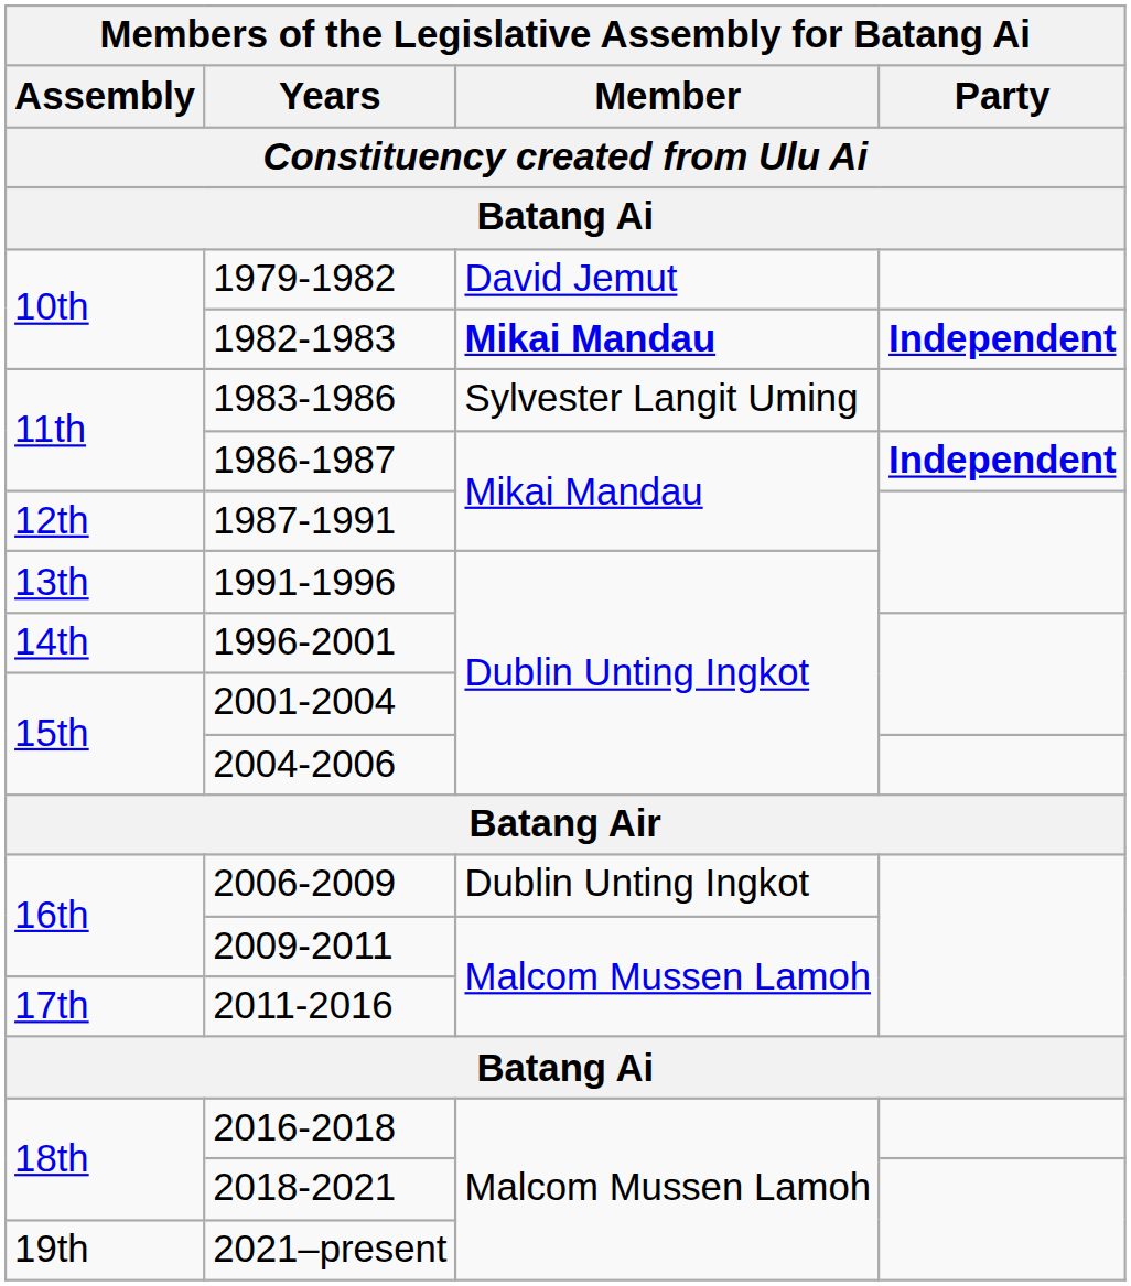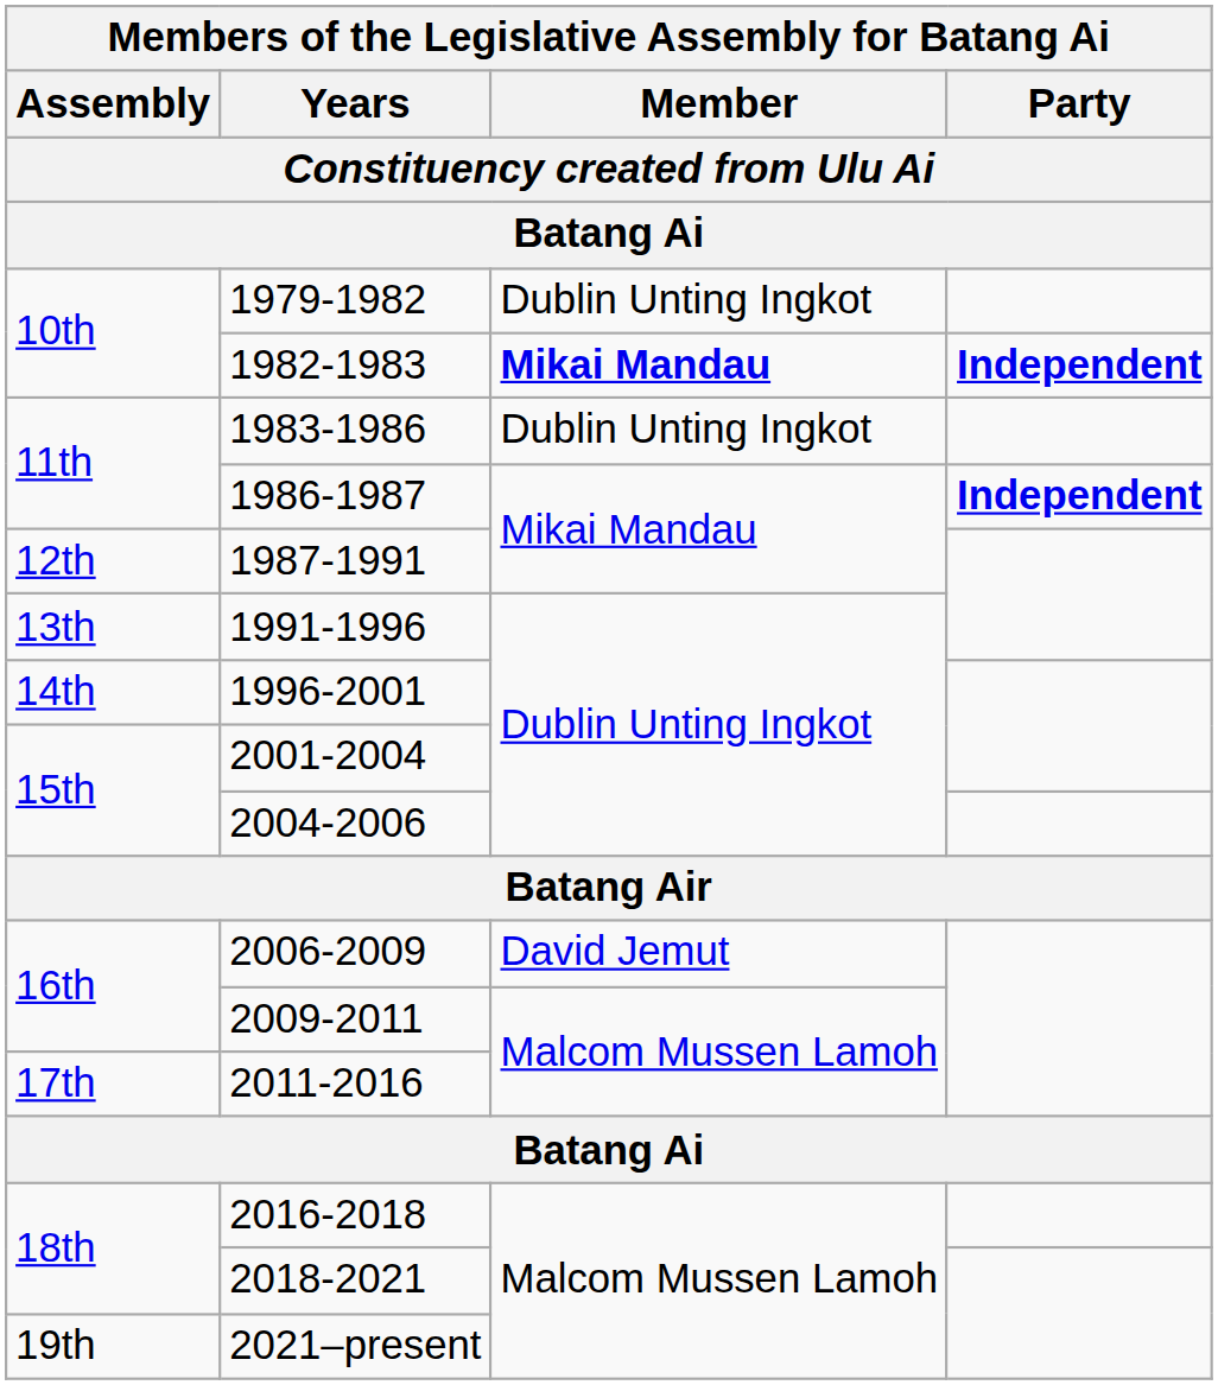 <table class=wikitable>
 <tr>
 <th colspan="4">Members of the Legislative Assembly for Batang Ai</th>
 </tr>
 <tr>
 <th>Assembly</th>
 <th>Years</th>
 <th>Member</th>
 <th>Party</th>
 </tr>
 <tr>
 <th colspan=4 align=center><em>Constituency created from Ulu Ai</em></th>
 </tr>
 <tr>
 <th colspan=4 align=center>Batang Ai</th>
 </tr>
 <tr>
 <td rowspan=2><a href='#'>10th</a></td>
 <td>1979-1982</td>
-<td><a href='#'>David Jemut</a></td>
+<td>Dublin Unting Ingkot</td>
 <td></td>
 </tr>
 <tr>
 <td>1982-1983</td>
 <td><strong><a href='#'>Mikai Mandau</a></strong></td>
 <td><strong><a href='#'>Independent</a></strong></td>
 </tr>
 <tr>
 <td rowspan=2><a href='#'>11th</a></td>
 <td>1983-1986</td>
-<td>Sylvester Langit Uming</td>
+<td>Dublin Unting Ingkot</td>
 <td></td>
 </tr>
 <tr>
 <td>1986-1987</td>
 <td rowspan=2><a href='#'>Mikai Mandau</a></td>
 <td><strong><a href='#'>Independent</a></strong></td>
 </tr>
 <tr>
 <td><a href='#'>12th</a></td>
 <td>1987-1991</td>
 <td rowspan=2></td>
 </tr>
 <tr>
 <td><a href='#'>13th</a></td>
 <td>1991-1996</td>
 <td rowspan=4><a href='#'>Dublin Unting Ingkot</a></td>
 </tr>
 <tr>
 <td><a href='#'>14th</a></td>
 <td>1996-2001</td>
 <td rowspan=2></td>
 </tr>
 <tr>
 <td rowspan=2><a href='#'>15th</a></td>
 <td>2001-2004</td>
 </tr>
 <tr>
 <td>2004-2006</td>
 <td></td>
 </tr>
 <tr>
 <th colspan=4 align=center>Batang Air</th>
 </tr>
 <tr>
 <td rowspan=2><a href='#'>16th</a></td>
 <td>2006-2009</td>
-<td>Dublin Unting Ingkot</td>
+<td><a href='#'>David Jemut</a></td>
 <td rowspan=3></td>
 </tr>
 <tr>
 <td>2009-2011</td>
 <td rowspan=2><a href='#'>Malcom Mussen Lamoh</a></td>
 </tr>
 <tr>
 <td><a href='#'>17th</a></td>
 <td>2011-2016</td>
 </tr>
 <tr>
 <th colspan=4 align=center>Batang Ai</th>
 </tr>
 <tr>
 <td rowspan="2"><a href='#'>18th</a></td>
 <td>2016-2018</td>
 <td rowspan="3">Malcom Mussen Lamoh</td>
 <td></td>
 </tr>
 <tr>
 <td>2018-2021</td>
 <td rowspan=2></td>
 </tr>
 <tr>
 <td>19th</td>
 <td>2021–present</td>
 </tr>
 </table>
